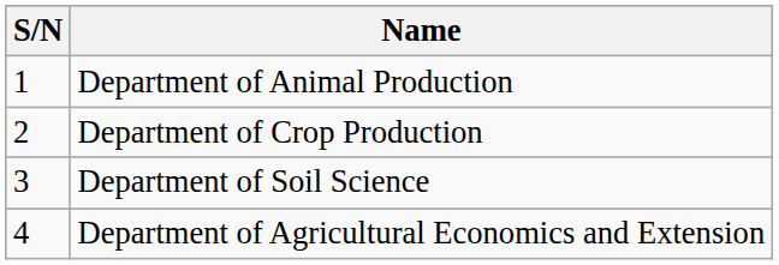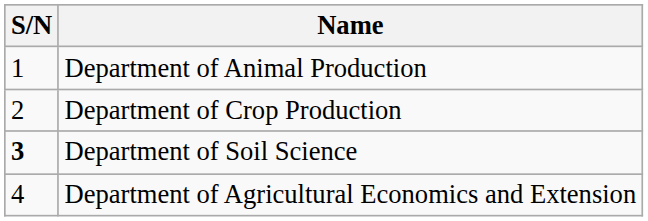 <table class="wikitable">
 <tr>
 <th>S/N</th>
 <th>Name</th>
 </tr>
 <tr>
 <td>1</td>
 <td>Department of Animal Production</td>
 </tr>
 <tr>
 <td>2</td>
 <td>Department of Crop Production</td>
 </tr>
 <tr>
-<td>3</td>
+<td><strong>3</strong></td>
 <td>Department of Soil Science</td>
 </tr>
 <tr>
 <td>4</td>
 <td>Department of Agricultural Economics and Extension</td>
 </tr>
 </table>
